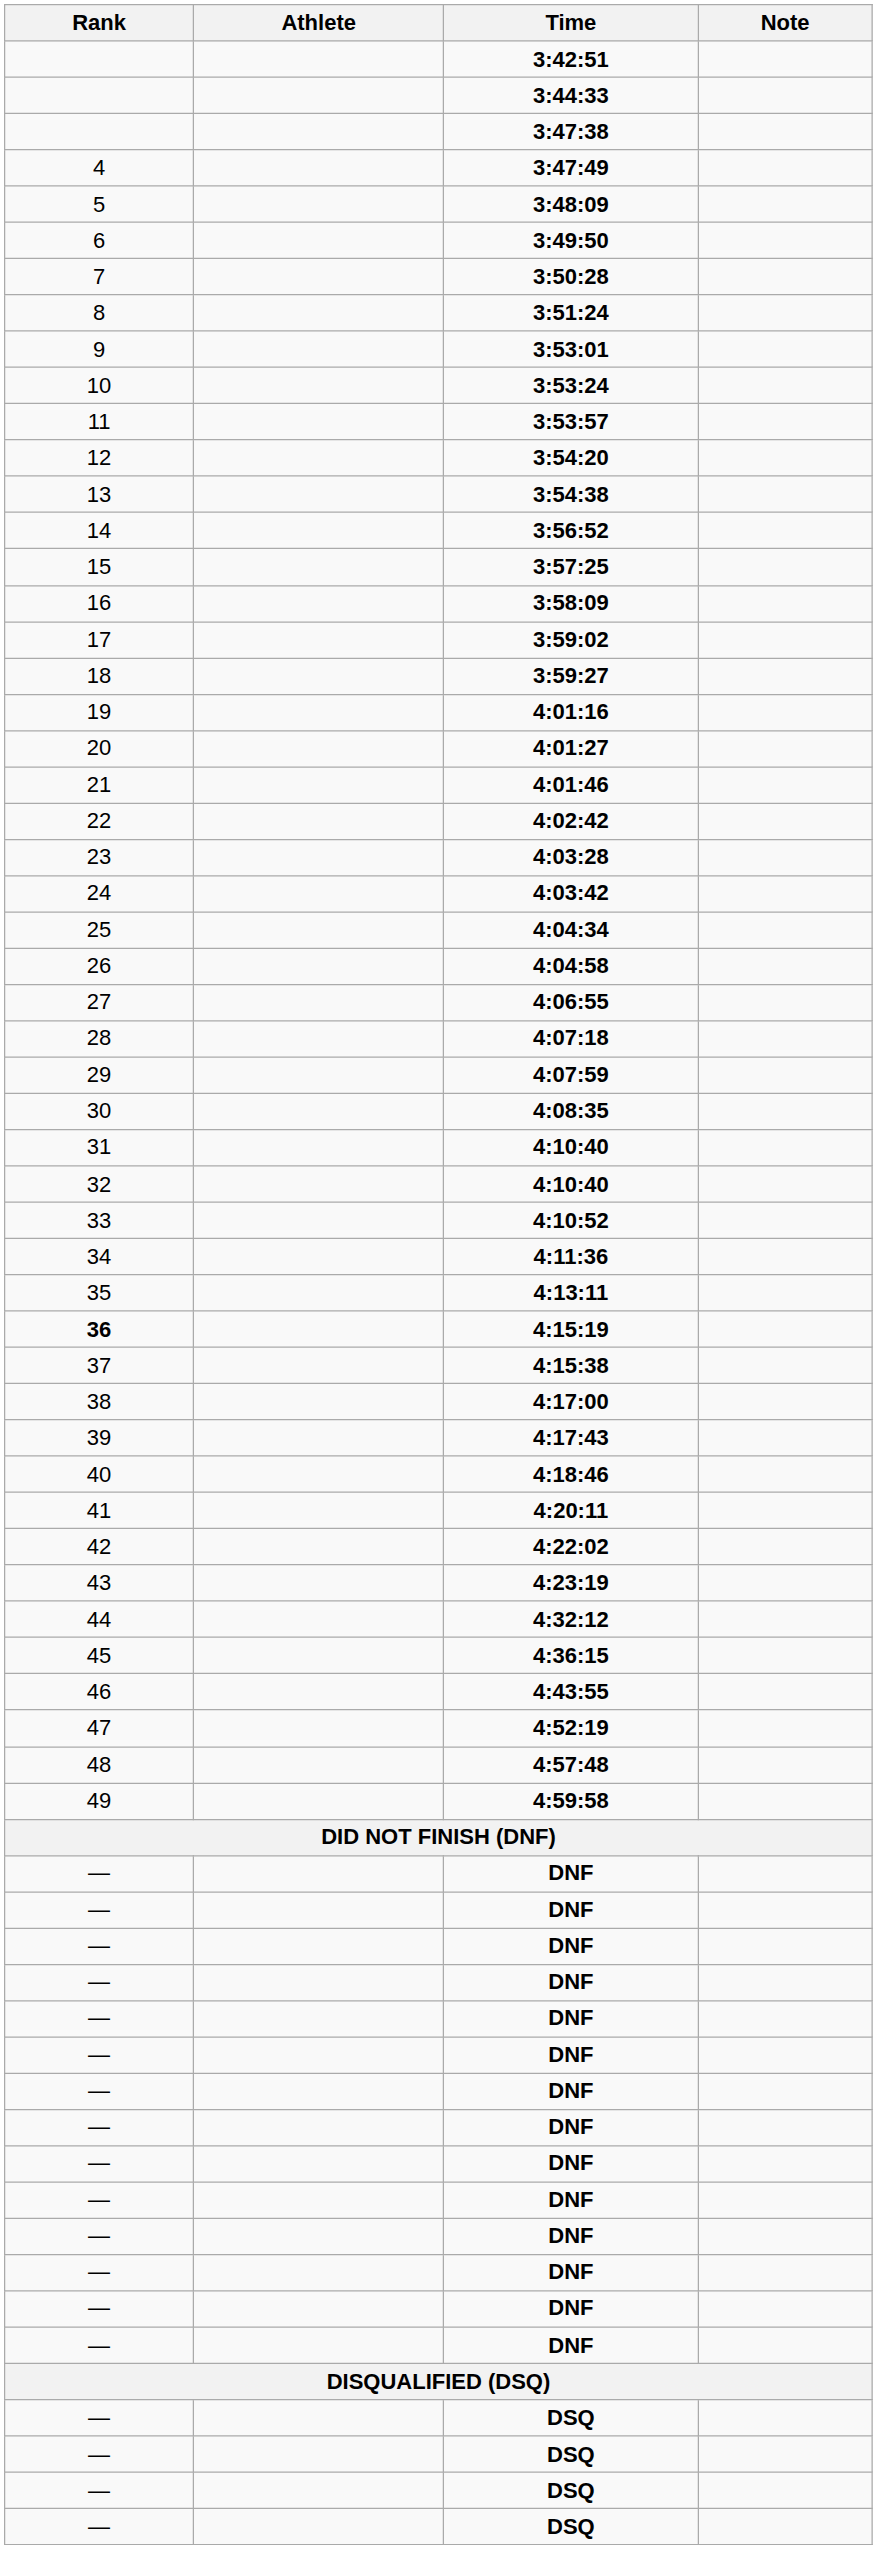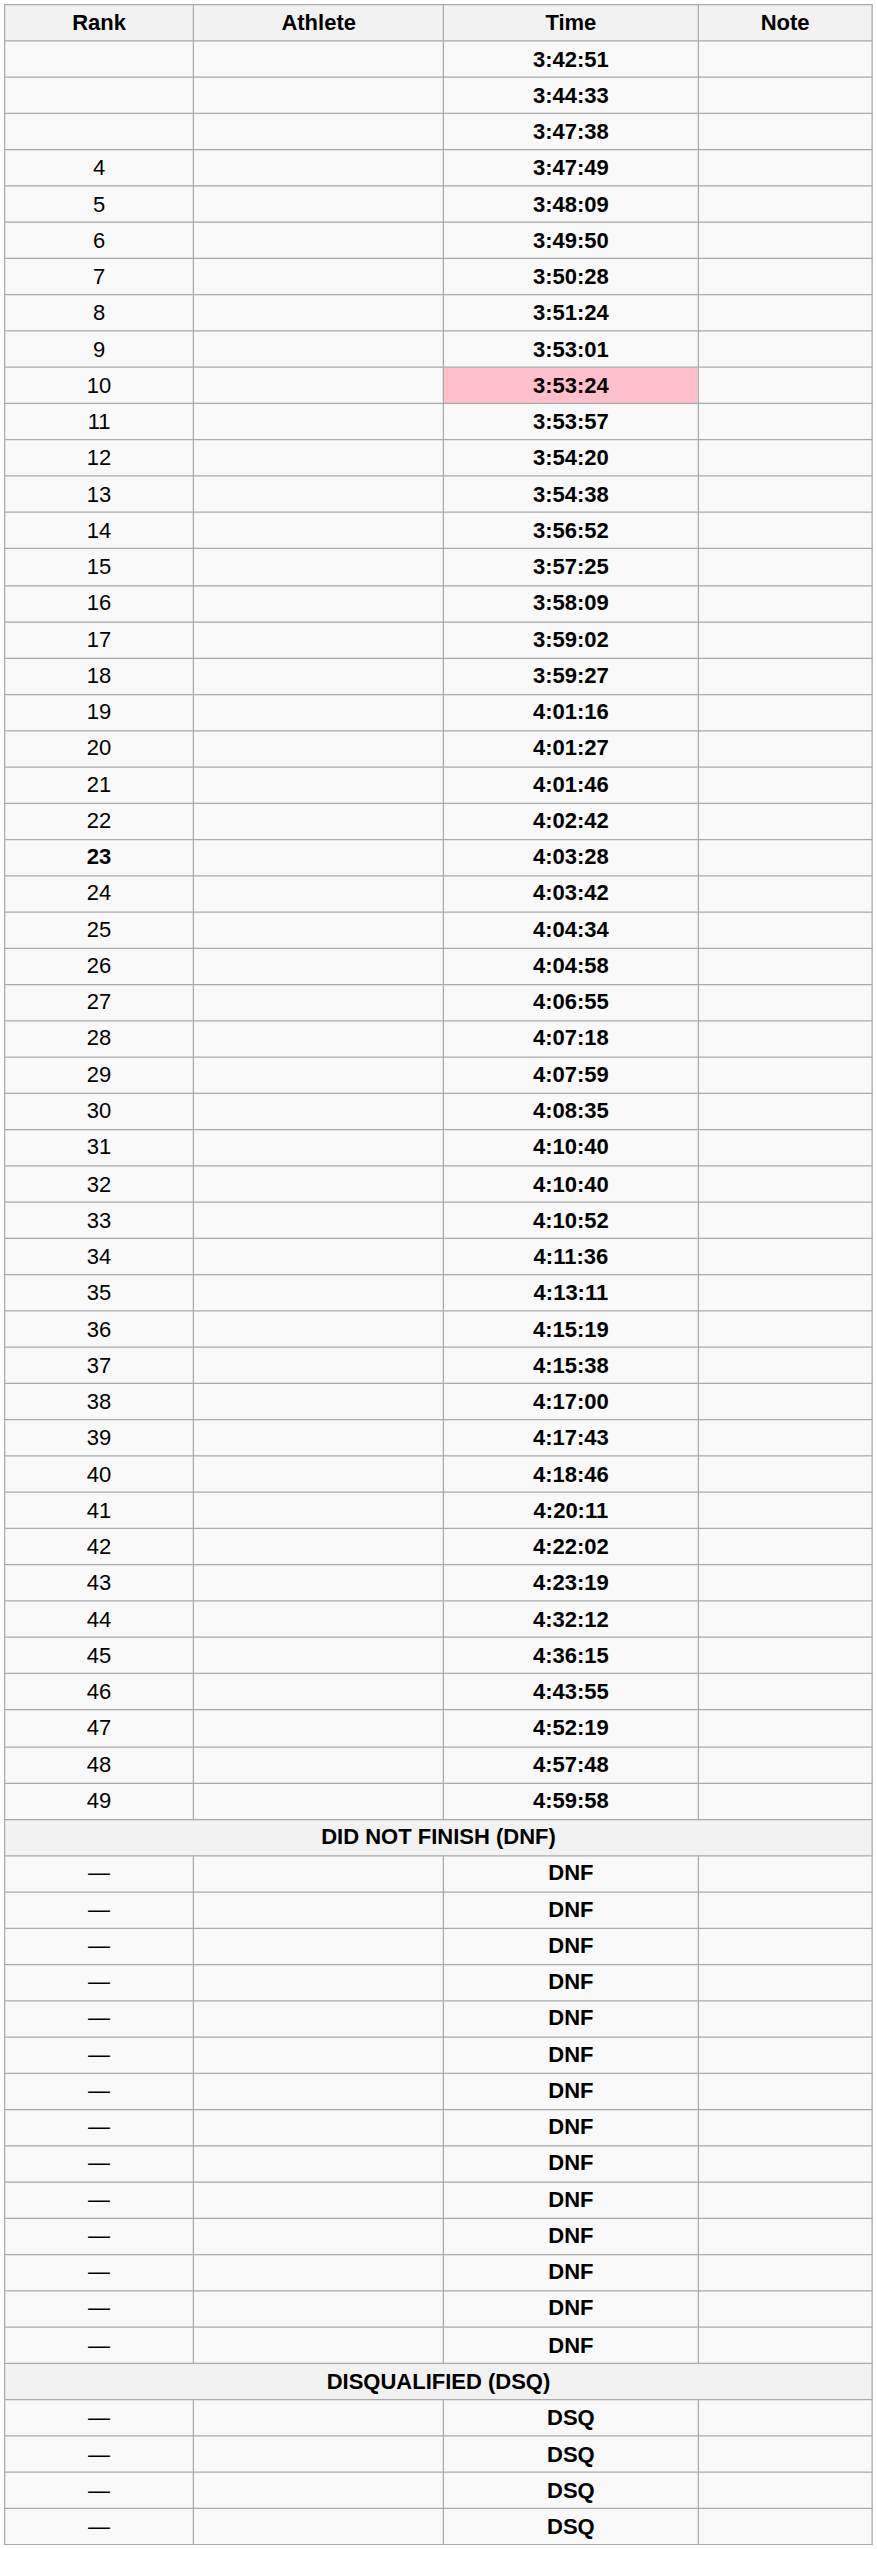 <table class="wikitable" style=" text-align:center; font-size:110%;" width="55%">
 <tr>
 <th>Rank</th>
 <th>Athlete</th>
 <th>Time</th>
 <th>Note</th>
 </tr>
 <tr>
 <td></td>
 <td align=left></td>
 <td><strong>3:42:51</strong></td>
 <td></td>
 </tr>
 <tr>
 <td></td>
 <td align=left></td>
 <td><strong>3:44:33</strong></td>
 <td></td>
 </tr>
 <tr>
 <td></td>
 <td align=left></td>
 <td><strong>3:47:38</strong></td>
 <td></td>
 </tr>
 <tr>
 <td>4</td>
 <td align=left></td>
 <td><strong>3:47:49</strong></td>
 <td></td>
 </tr>
 <tr>
 <td>5</td>
 <td align=left></td>
 <td><strong>3:48:09</strong></td>
 <td></td>
 </tr>
 <tr>
 <td>6</td>
 <td align=left></td>
 <td><strong>3:49:50</strong></td>
 <td></td>
 </tr>
 <tr>
 <td>7</td>
 <td align=left></td>
 <td><strong>3:50:28</strong></td>
 <td></td>
 </tr>
 <tr>
 <td>8</td>
 <td align=left></td>
 <td><strong>3:51:24</strong></td>
 <td></td>
 </tr>
 <tr>
 <td>9</td>
 <td align=left></td>
 <td><strong>3:53:01</strong></td>
 <td></td>
 </tr>
 <tr>
 <td>10</td>
 <td align=left></td>
-<td><strong>3:53:24</strong></td>
+<td style="background: pink;"><strong>3:53:24</strong></td>
 <td></td>
 </tr>
 <tr>
 <td>11</td>
 <td align=left></td>
 <td><strong>3:53:57</strong></td>
 <td></td>
 </tr>
 <tr>
 <td>12</td>
 <td align=left></td>
 <td><strong>3:54:20</strong></td>
 <td></td>
 </tr>
 <tr>
 <td>13</td>
 <td align=left></td>
 <td><strong>3:54:38</strong></td>
 <td></td>
 </tr>
 <tr>
 <td>14</td>
 <td align=left></td>
 <td><strong>3:56:52</strong></td>
 <td></td>
 </tr>
 <tr>
 <td>15</td>
 <td align=left></td>
 <td><strong>3:57:25</strong></td>
 <td></td>
 </tr>
 <tr>
 <td>16</td>
 <td align=left></td>
 <td><strong>3:58:09</strong></td>
 <td></td>
 </tr>
 <tr>
 <td>17</td>
 <td align=left></td>
 <td><strong>3:59:02</strong></td>
 <td></td>
 </tr>
 <tr>
 <td>18</td>
 <td align=left></td>
 <td><strong>3:59:27</strong></td>
 <td></td>
 </tr>
 <tr>
 <td>19</td>
 <td align=left></td>
 <td><strong>4:01:16</strong></td>
 <td></td>
 </tr>
 <tr>
 <td>20</td>
 <td align=left></td>
 <td><strong>4:01:27</strong></td>
 <td></td>
 </tr>
 <tr>
 <td>21</td>
 <td align=left></td>
 <td><strong>4:01:46</strong></td>
 <td></td>
 </tr>
 <tr>
 <td>22</td>
 <td align=left></td>
 <td><strong>4:02:42</strong></td>
 <td></td>
 </tr>
 <tr>
-<td>23</td>
+<td><strong>23</strong></td>
 <td align=left></td>
 <td><strong>4:03:28</strong></td>
 <td></td>
 </tr>
 <tr>
 <td>24</td>
 <td align=left></td>
 <td><strong>4:03:42</strong></td>
 <td></td>
 </tr>
 <tr>
 <td>25</td>
 <td align=left></td>
 <td><strong>4:04:34</strong></td>
 <td></td>
 </tr>
 <tr>
 <td>26</td>
 <td align=left></td>
 <td><strong>4:04:58</strong></td>
 <td></td>
 </tr>
 <tr>
 <td>27</td>
 <td align=left></td>
 <td><strong>4:06:55</strong></td>
 <td></td>
 </tr>
 <tr>
 <td>28</td>
 <td align=left></td>
 <td><strong>4:07:18</strong></td>
 <td></td>
 </tr>
 <tr>
 <td>29</td>
 <td align=left></td>
 <td><strong>4:07:59</strong></td>
 <td></td>
 </tr>
 <tr>
 <td>30</td>
 <td align=left></td>
 <td><strong>4:08:35</strong></td>
 <td></td>
 </tr>
 <tr>
 <td>31</td>
 <td align=left></td>
 <td><strong>4:10:40</strong></td>
 <td></td>
 </tr>
 <tr>
 <td>32</td>
 <td align=left></td>
 <td><strong>4:10:40</strong></td>
 <td></td>
 </tr>
 <tr>
 <td>33</td>
 <td align=left></td>
 <td><strong>4:10:52</strong></td>
 <td></td>
 </tr>
 <tr>
 <td>34</td>
 <td align=left></td>
 <td><strong>4:11:36</strong></td>
 <td></td>
 </tr>
 <tr>
 <td>35</td>
 <td align=left></td>
 <td><strong>4:13:11</strong></td>
 <td></td>
 </tr>
 <tr>
-<td><strong>36</strong></td>
+<td>36</td>
 <td align=left></td>
 <td><strong>4:15:19</strong></td>
 <td></td>
 </tr>
 <tr>
 <td>37</td>
 <td align=left></td>
 <td><strong>4:15:38</strong></td>
 <td></td>
 </tr>
 <tr>
 <td>38</td>
 <td align=left></td>
 <td><strong>4:17:00</strong></td>
 <td></td>
 </tr>
 <tr>
 <td>39</td>
 <td align=left></td>
 <td><strong>4:17:43</strong></td>
 <td></td>
 </tr>
 <tr>
 <td>40</td>
 <td align=left></td>
 <td><strong>4:18:46</strong></td>
 <td></td>
 </tr>
 <tr>
 <td>41</td>
 <td align=left></td>
 <td><strong>4:20:11</strong></td>
 <td></td>
 </tr>
 <tr>
 <td>42</td>
 <td align=left></td>
 <td><strong>4:22:02</strong></td>
 <td></td>
 </tr>
 <tr>
 <td>43</td>
 <td align=left></td>
 <td><strong>4:23:19</strong></td>
 <td></td>
 </tr>
 <tr>
 <td>44</td>
 <td align=left></td>
 <td><strong>4:32:12</strong></td>
 <td></td>
 </tr>
 <tr>
 <td>45</td>
 <td align=left></td>
 <td><strong>4:36:15</strong></td>
 <td></td>
 </tr>
 <tr>
 <td>46</td>
 <td align=left></td>
 <td><strong>4:43:55</strong></td>
 <td></td>
 </tr>
 <tr>
 <td>47</td>
 <td align=left></td>
 <td><strong>4:52:19</strong></td>
 <td></td>
 </tr>
 <tr>
 <td>48</td>
 <td align=left></td>
 <td><strong>4:57:48</strong></td>
 <td></td>
 </tr>
 <tr>
 <td>49</td>
 <td align=left></td>
 <td><strong>4:59:58</strong></td>
 <td></td>
 </tr>
 <tr>
 <th colspan="4">DID NOT FINISH (DNF)</th>
 </tr>
 <tr>
 <td>—</td>
 <td align=left></td>
 <td><strong>DNF</strong></td>
 <td></td>
 </tr>
 <tr>
 <td>—</td>
 <td align=left></td>
 <td><strong>DNF</strong></td>
 <td></td>
 </tr>
 <tr>
 <td>—</td>
 <td align=left></td>
 <td><strong>DNF</strong></td>
 <td></td>
 </tr>
 <tr>
 <td>—</td>
 <td align=left></td>
 <td><strong>DNF</strong></td>
 <td></td>
 </tr>
 <tr>
 <td>—</td>
 <td align=left></td>
 <td><strong>DNF</strong></td>
 <td></td>
 </tr>
 <tr>
 <td>—</td>
 <td align=left></td>
 <td><strong>DNF</strong></td>
 <td></td>
 </tr>
 <tr>
 <td>—</td>
 <td align=left></td>
 <td><strong>DNF</strong></td>
 <td></td>
 </tr>
 <tr>
 <td>—</td>
 <td align=left></td>
 <td><strong>DNF</strong></td>
 <td></td>
 </tr>
 <tr>
 <td>—</td>
 <td align=left></td>
 <td><strong>DNF</strong></td>
 <td></td>
 </tr>
 <tr>
 <td>—</td>
 <td align=left></td>
 <td><strong>DNF</strong></td>
 <td></td>
 </tr>
 <tr>
 <td>—</td>
 <td align=left></td>
 <td><strong>DNF</strong></td>
 <td></td>
 </tr>
 <tr>
 <td>—</td>
 <td align=left></td>
 <td><strong>DNF</strong></td>
 <td></td>
 </tr>
 <tr>
 <td>—</td>
 <td align=left></td>
 <td><strong>DNF</strong></td>
 <td></td>
 </tr>
 <tr>
 <td>—</td>
 <td align=left></td>
 <td><strong>DNF</strong></td>
 <td></td>
 </tr>
 <tr>
 <th colspan="4">DISQUALIFIED (DSQ)</th>
 </tr>
 <tr>
 <td>—</td>
 <td align=left></td>
 <td><strong>DSQ</strong></td>
 <td></td>
 </tr>
 <tr>
 <td>—</td>
 <td align=left></td>
 <td><strong>DSQ</strong></td>
 <td></td>
 </tr>
 <tr>
 <td>—</td>
 <td align=left></td>
 <td><strong>DSQ</strong></td>
 <td></td>
 </tr>
 <tr>
 <td>—</td>
 <td align=left></td>
 <td><strong>DSQ</strong></td>
 <td></td>
 </tr>
 </table>
